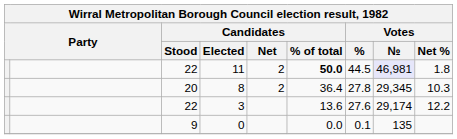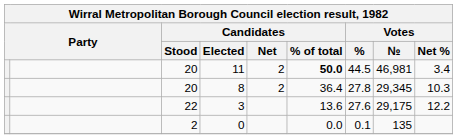 <table class="wikitable" style="font-size:95%">
 <tr>
 <th colspan="16" style="background-color:#f2f2f2">Wirral Metropolitan Borough Council election result, 1982</th>
 </tr>
 <tr style="vertical-align:center;">
 <th colspan="2" rowspan="2">Party</th>
 <th colspan="4" style="width: 30px">Candidates</th>
 <th colspan="3" style="width: 30px">Votes</th>
 </tr>
 <tr>
 <th>Stood</th>
 <th>Elected</th>
 <th style="width: 45px">Net</th>
 <th>% of total</th>
 <th>%</th>
 <th>№</th>
 <th>Net %</th>
 </tr>
 <tr>
 <th style="background-color: "></th>
 <td style="width: 190px"><a href='#'></a></td>
-<td style="text-align:right; ">22</td>
+<td style="text-align:right; ">20</td>
 <td style="text-align:right; ">11</td>
 <td style="text-align:right; "><span>2</span></td>
 <td style="text-align:right; "><strong>50.0</strong></td>
 <td style="text-align:right; ">44.5</td>
-<td style="background: lavender; text-align:right; ">46,981</td>
-<td style="text-align:right; "><span>1.8</span></td>
+<td style="text-align:right; ">46,981</td>
+<td style="text-align:right; "><span>3.4</span></td>
 </tr>
 <tr>
 <th style="background-color: "></th>
 <td style="width: 190px"><a href='#'></a></td>
 <td style="text-align:right; ">20</td>
 <td style="text-align:right; ">8</td>
 <td style="text-align:right; "><span>2</span></td>
 <td style="text-align:right; ">36.4</td>
 <td style="text-align:right; ">27.8</td>
 <td style="text-align:right; ">29,345</td>
 <td style="text-align:right; "><span>10.3</span></td>
 </tr>
 <tr>
 <th style="background-color: "></th>
 <td style="width: 190px"><a href='#'></a></td>
 <td style="text-align:right; ">22</td>
 <td style="text-align:right; ">3</td>
 <td style="text-align:right; "></td>
 <td style="text-align:right; ">13.6</td>
 <td style="text-align:right; ">27.6</td>
-<td style="text-align:right; ">29,174</td>
+<td style="text-align:right; ">29,175</td>
 <td style="text-align:right; "><span>12.2</span></td>
 </tr>
 <tr>
 <th style="background-color: "></th>
 <td style="width: 190px"><a href='#'></a></td>
-<td style="text-align:right; ">9</td>
+<td style="text-align:right; ">2</td>
 <td style="text-align:right; ">0</td>
 <td style="text-align:right; "></td>
 <td style="text-align:right; ">0.0</td>
 <td style="text-align:right; ">0.1</td>
 <td style="text-align:right; ">135</td>
 <td style="text-align:right; "></td>
 </tr>
 <tr>
 </tr>
 </table>
